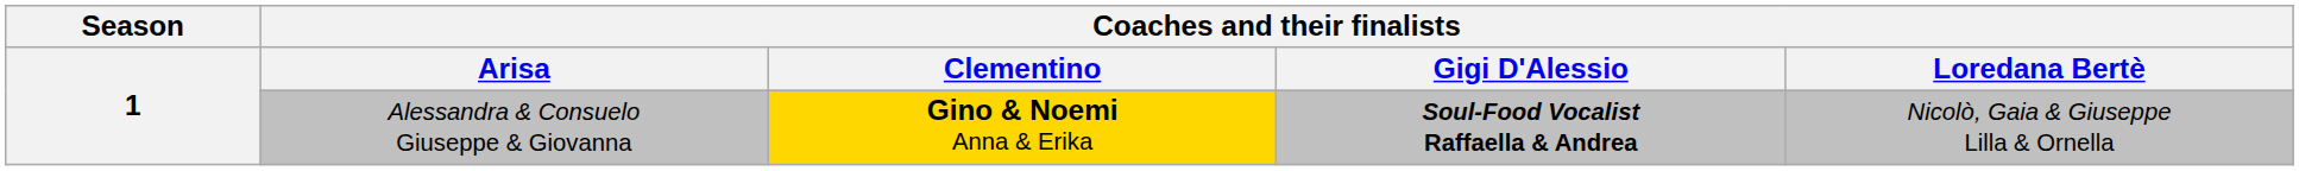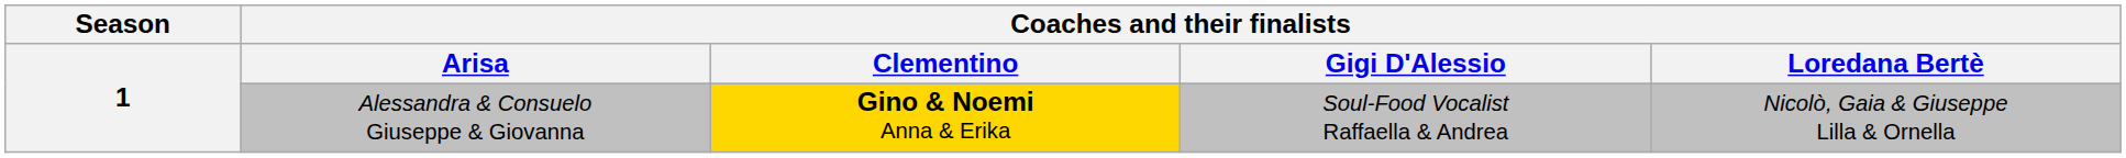 <table class="wikitable" style="text-align:center; line-height:16px; width:80%">
 <tr>
 <th style="width:10%">Season</th>
 <th style="width:80%" colspan="4">Coaches and their finalists</th>
 </tr>
 <tr>
 <th rowspan="2">1</th>
 <th style="width:20%" scope="col"><a href='#'>Arisa</a></th>
 <th style="width:20%" scope="col"><a href='#'>Clementino</a></th>
 <th style="width:20%" scope="col"><a href='#'>Gigi D'Alessio</a></th>
 <th style="width:20%" scope="col"><a href='#'>Loredana Bertè</a></th>
 </tr>
 <tr>
 <td style="background:silver"><small><em>Alessandra & Consuelo</em><br>Giuseppe & Giovanna</small></td>
 <td style="background:gold"><strong>Gino & Noemi</strong><br><small>Anna & Erika</small></td>
-<td style="background:silver"><strong><small><em>Soul-Food Vocalist</em><br>Raffaella & Andrea</small></strong></td>
+<td style="background:silver"><small><em>Soul-Food Vocalist</em><br>Raffaella & Andrea</small></td>
 <td style="background:silver"><small><em>Nicolò, Gaia & Giuseppe</em><br>Lilla & Ornella</small></td>
 </tr>
 </table>
